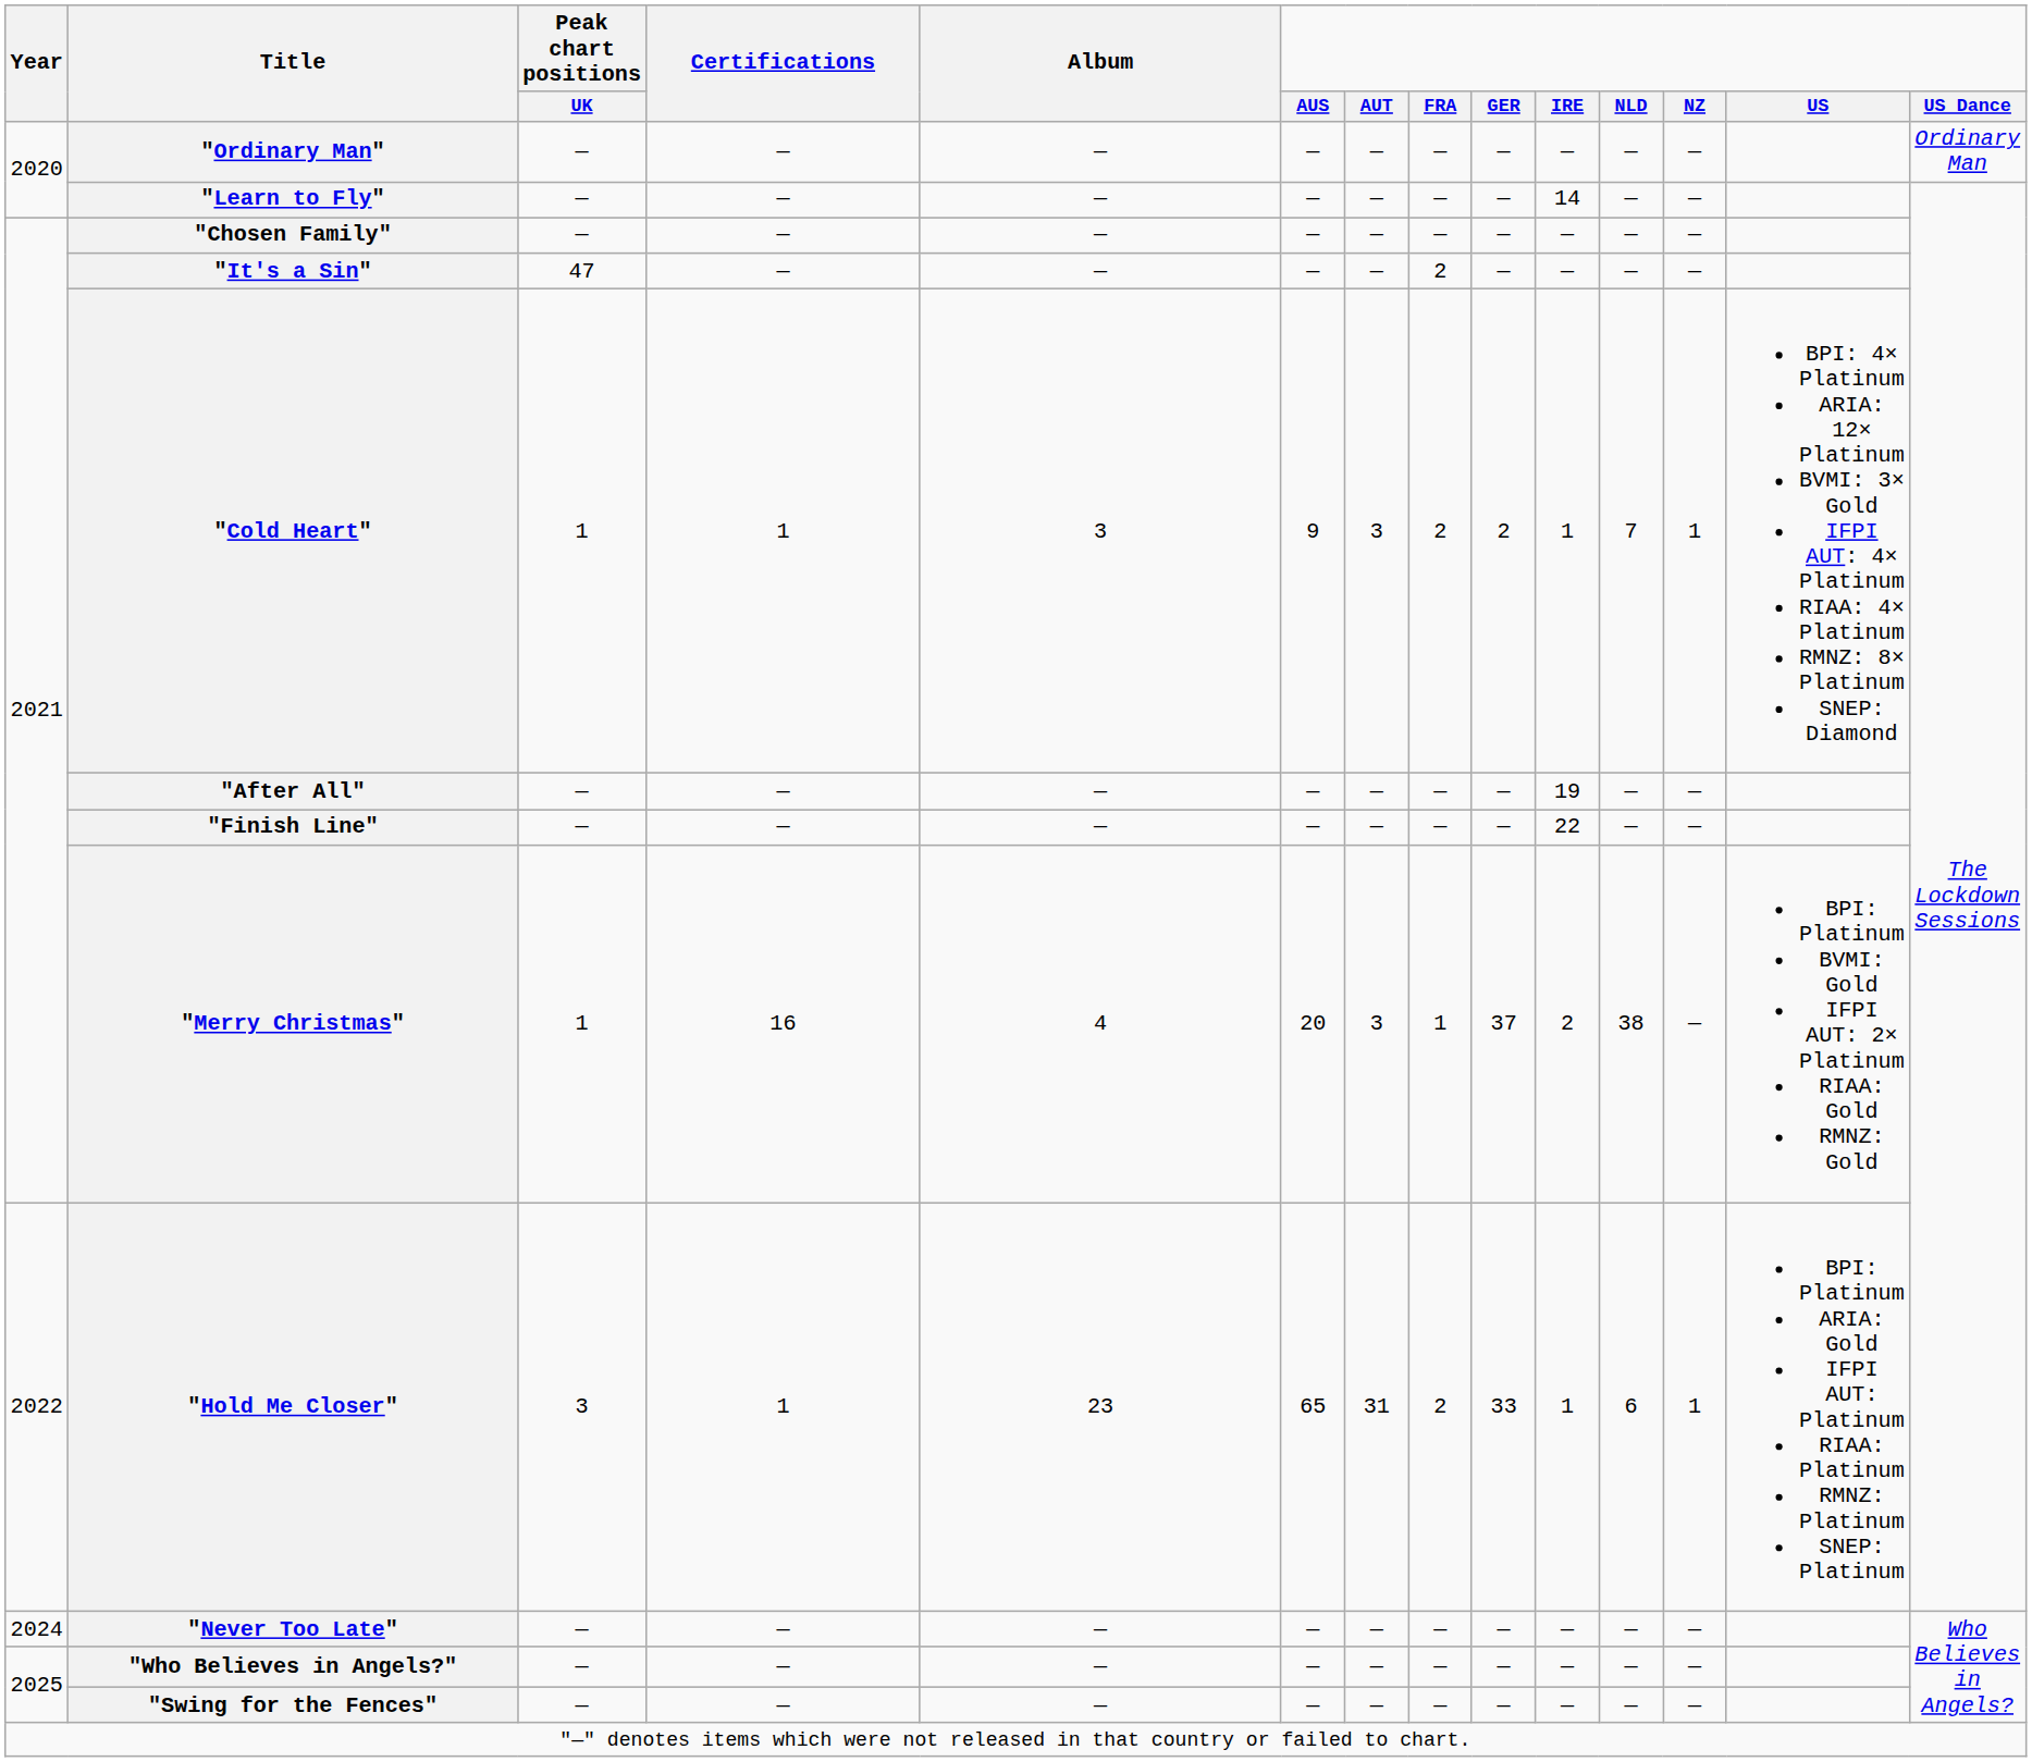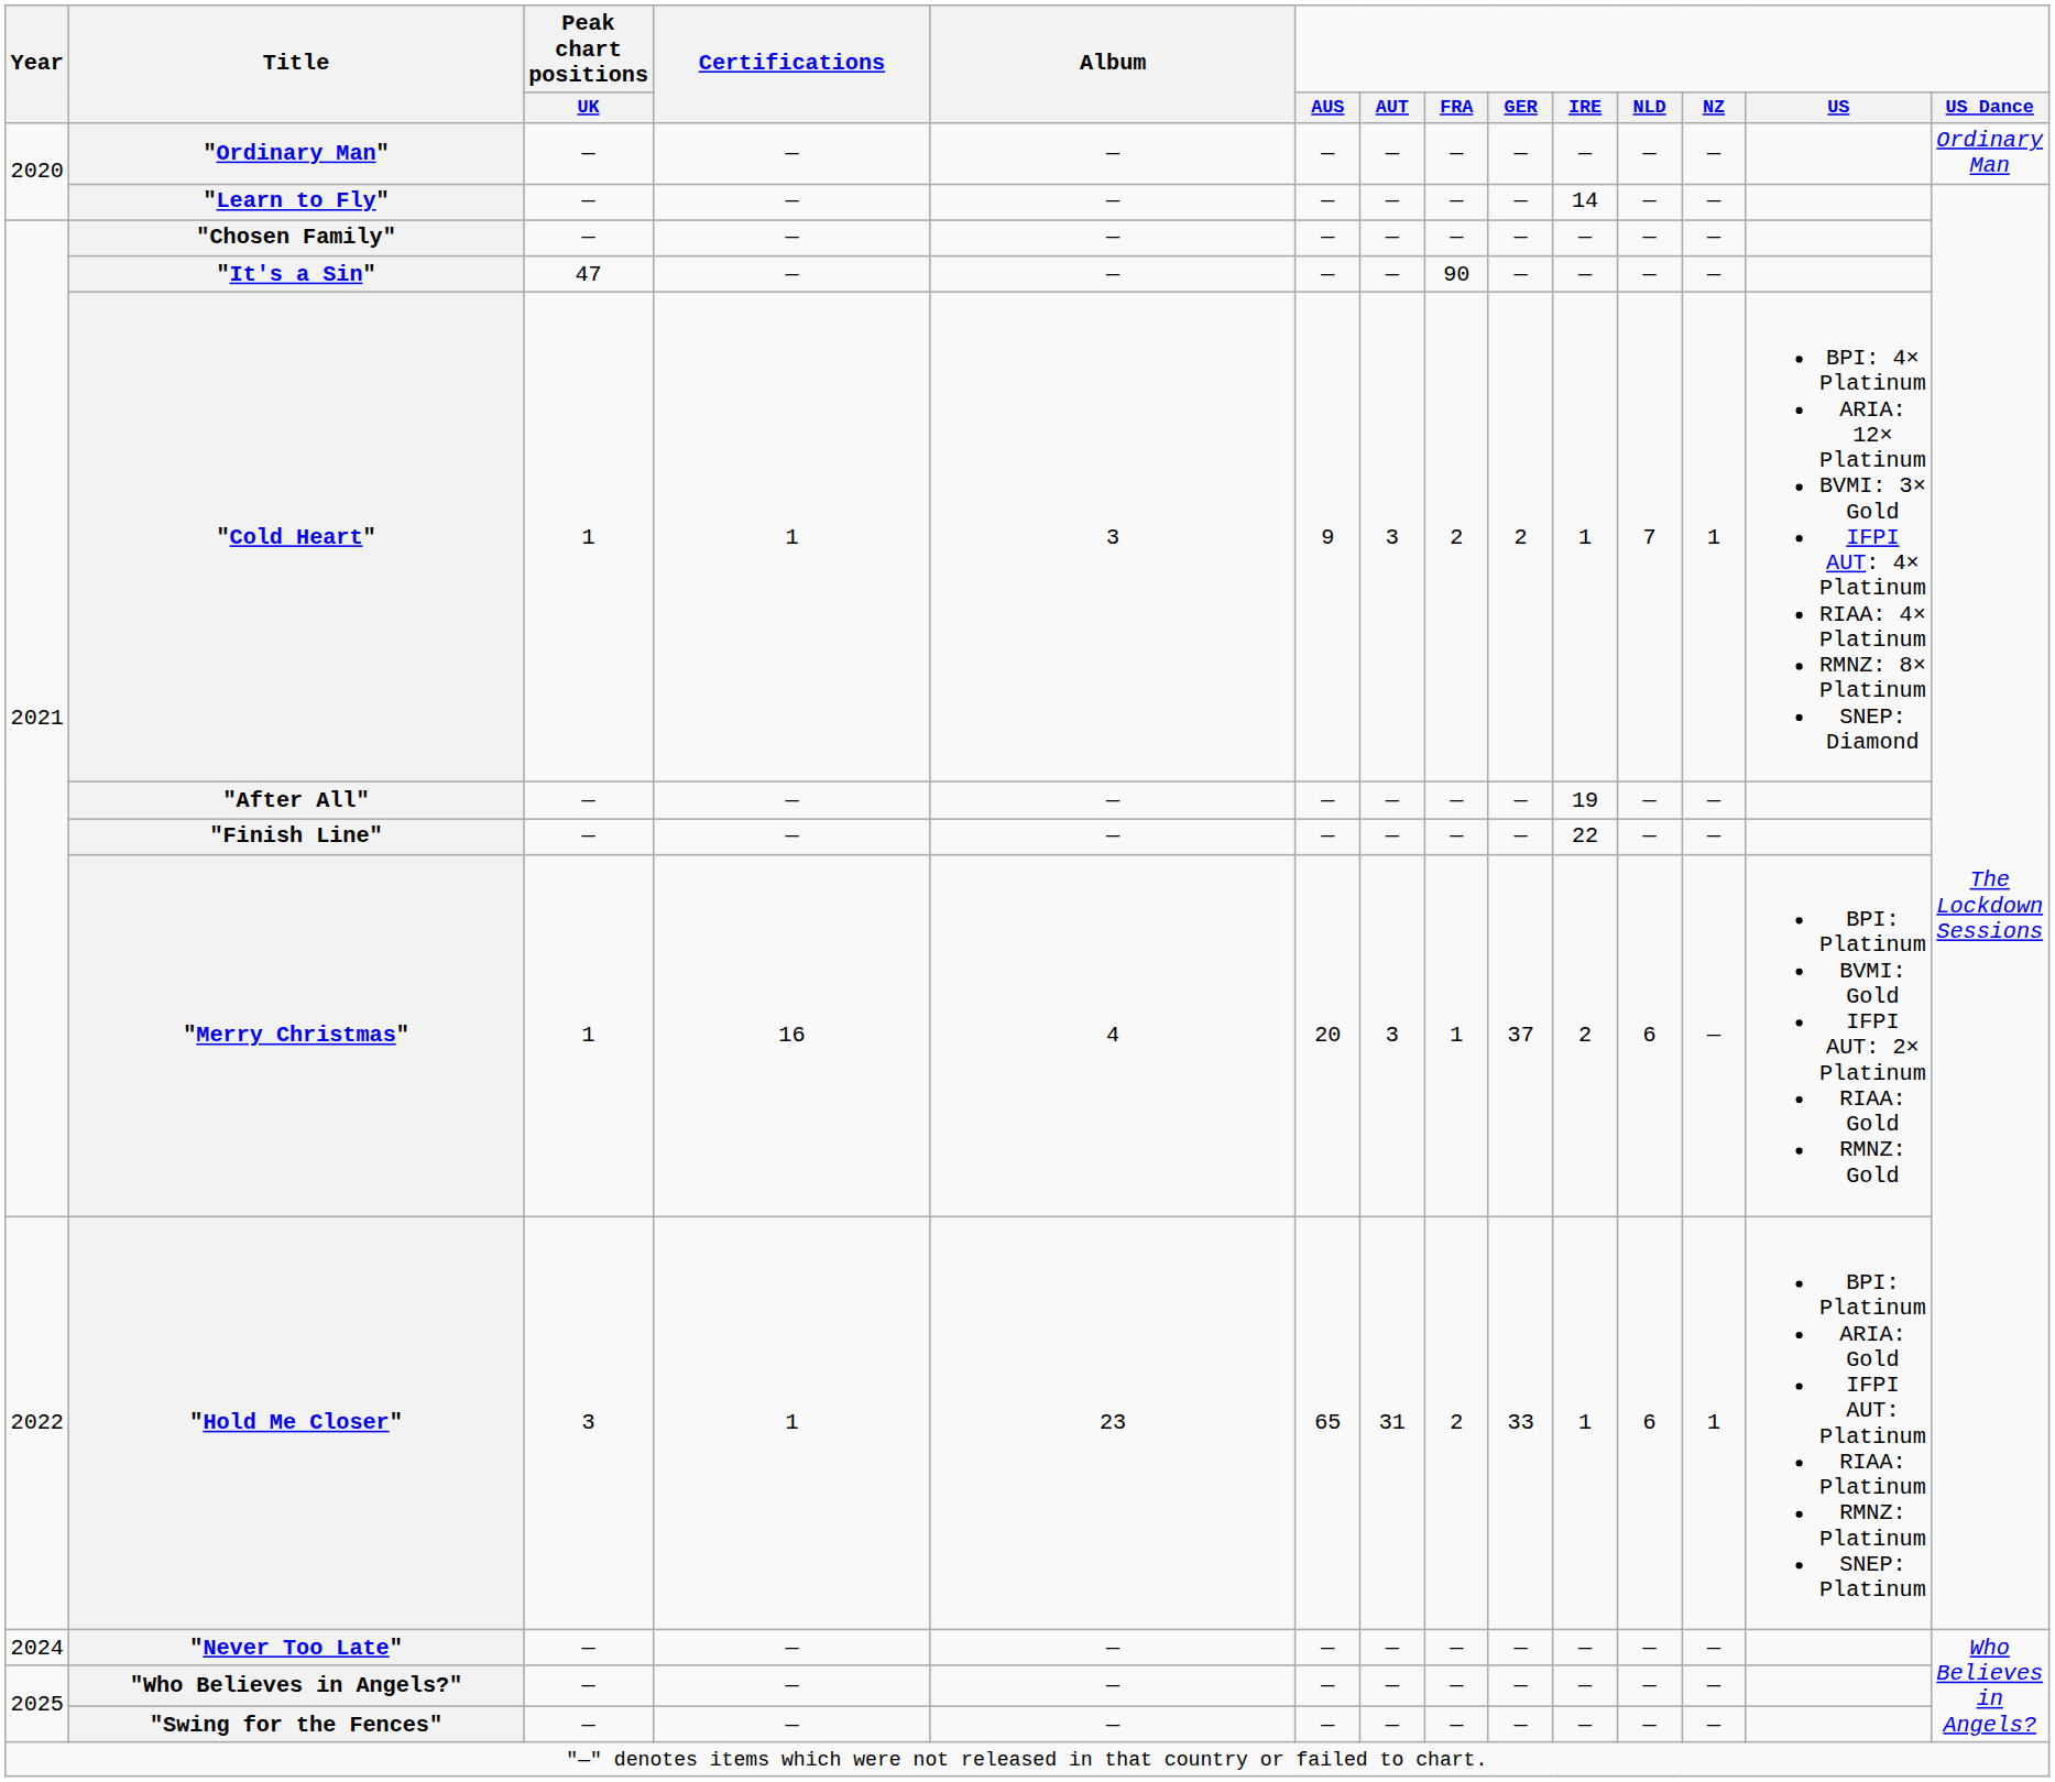 <table class="wikitable plainrowheaders" style="text-align:center;">
 <tr>
 <th scope="col" rowspan="2" style="width:1em;">Year</th>
 <th scope="col" rowspan="2" style="width:20em;">Title</th>
 <th scope="col" colspan="1">Peak chart positions</th>
 <th scope="col" rowspan="2" style="width:12em;"><a href='#'>Certifications</a></th>
 <th scope="col" rowspan="2" style="width:16em;">Album</th>
 </tr>
 <tr style="font-size:small;">
 <th scope="col" style="width:3em;font-size:90%"><a href='#'>UK</a><br></th>
 <th scope="col" style="width:3em;font-size:90%"><a href='#'>AUS</a><br></th>
 <th scope="col" style="width:3em;font-size:90%"><a href='#'>AUT</a><br></th>
 <th scope="col" style="width:3em;font-size:90%"><a href='#'>FRA</a><br></th>
 <th scope="col" style="width:3em;font-size:90%"><a href='#'>GER</a><br></th>
 <th scope="col" style="width:3em;font-size:90%"><a href='#'>IRE</a><br></th>
 <th scope="col" style="width:3em;font-size:90%"><a href='#'>NLD</a><br></th>
 <th scope="col" style="width:3em;font-size:90%"><a href='#'>NZ</a><br></th>
 <th scope="col" style="width:3em;font-size:90%"><a href='#'>US</a><br></th>
 <th scope="col" style="width:3em;font-size:90%"><a href='#'>US Dance</a><br></th>
 </tr>
 <tr>
 <td rowspan="2">2020</td>
 <th scope="row">"<a href='#'>Ordinary Man</a>"<br> </th>
 <td>—</td>
 <td>—</td>
 <td>—</td>
 <td>—</td>
 <td>—</td>
 <td>—</td>
 <td>—</td>
 <td>—</td>
 <td>—</td>
 <td>—</td>
 <td></td>
 <td><em><a href='#'>Ordinary Man</a></em></td>
 </tr>
 <tr>
 <th scope="row">"<a href='#'>Learn to Fly</a>"<br></th>
 <td>—</td>
 <td>—</td>
 <td>—</td>
 <td>—</td>
 <td>—</td>
 <td>—</td>
 <td>—</td>
 <td>14</td>
 <td>—</td>
 <td>—</td>
 <td></td>
 <td rowspan="8"><em><a href='#'>The Lockdown Sessions</a></em></td>
 </tr>
 <tr>
 <td rowspan="6">2021</td>
 <th scope="row">"Chosen Family"<br></th>
 <td>—</td>
 <td>—</td>
 <td>—</td>
 <td>—</td>
 <td>—</td>
 <td>—</td>
 <td>—</td>
 <td>—</td>
 <td>—</td>
 <td>—</td>
 <td></td>
 </tr>
 <tr>
 <th scope="row">"<a href='#'>It's a Sin</a>"<br></th>
 <td>47</td>
 <td>—</td>
 <td>—</td>
 <td>—</td>
 <td>—</td>
-<td>2</td>
+<td>90</td>
 <td>—</td>
 <td>—</td>
 <td>—</td>
 <td>—</td>
 <td></td>
 </tr>
 <tr>
 <th scope="row">"<a href='#'>Cold Heart</a>"<br></th>
 <td>1</td>
 <td>1</td>
 <td>3</td>
 <td>9</td>
 <td>3</td>
 <td>2</td>
 <td>2</td>
 <td>1</td>
 <td>7</td>
 <td>1</td>
 <td><br><ul><li>BPI: 4× Platinum</li><li>ARIA: 12× Platinum</li><li>BVMI: 3× Gold</li><li><a href='#'>IFPI AUT</a>: 4× Platinum</li><li>RIAA: 4× Platinum</li><li>RMNZ: 8× Platinum</li><li>SNEP: Diamond</li></ul></td>
 </tr>
 <tr>
 <th scope="row">"After All"<br></th>
 <td>—</td>
 <td>—</td>
 <td>—</td>
 <td>—</td>
 <td>—</td>
 <td>—</td>
 <td>—</td>
 <td>19</td>
 <td>—</td>
 <td>—</td>
 <td></td>
 </tr>
 <tr>
 <th scope="row">"Finish Line"<br></th>
 <td>—</td>
 <td>—</td>
 <td>—</td>
 <td>—</td>
 <td>—</td>
 <td>—</td>
 <td>—</td>
 <td>22</td>
 <td>—</td>
 <td>—</td>
 <td></td>
 </tr>
 <tr>
 <th scope="row">"<a href='#'>Merry Christmas</a>"<br></th>
 <td>1</td>
 <td>16</td>
 <td>4</td>
 <td>20</td>
 <td>3</td>
 <td>1</td>
 <td>37</td>
 <td>2</td>
-<td>38</td>
+<td>6</td>
 <td>—</td>
 <td><br><ul><li>BPI: Platinum</li><li>BVMI: Gold</li><li>IFPI AUT: 2× Platinum</li><li>RIAA: Gold</li><li>RMNZ: Gold</li></ul></td>
 </tr>
 <tr>
 <td>2022</td>
 <th scope="row">"<a href='#'>Hold Me Closer</a>"<br> </th>
 <td>3</td>
 <td>1</td>
 <td>23</td>
 <td>65</td>
 <td>31</td>
 <td>2</td>
 <td>33</td>
 <td>1</td>
 <td>6</td>
 <td>1</td>
 <td><br><ul><li>BPI: Platinum</li><li>ARIA: Gold</li><li>IFPI AUT: Platinum</li><li>RIAA: Platinum</li><li>RMNZ: Platinum</li><li>SNEP: Platinum</li></ul></td>
 </tr>
 <tr>
 <td>2024</td>
 <th scope="row">"<a href='#'>Never Too Late</a>"<br> </th>
 <td>—</td>
 <td>—</td>
 <td>—</td>
 <td>—</td>
 <td>—</td>
 <td>—</td>
 <td>—</td>
 <td>—</td>
 <td>—</td>
 <td>—</td>
 <td></td>
 <td rowspan="3"><em><a href='#'>Who Believes in Angels?</a></em></td>
 </tr>
 <tr>
 <td rowspan="2">2025</td>
 <th scope="row">"Who Believes in Angels?"<br> </th>
 <td>—</td>
 <td>—</td>
 <td>—</td>
 <td>—</td>
 <td>—</td>
 <td>—</td>
 <td>—</td>
 <td>—</td>
 <td>—</td>
 <td>—</td>
 <td></td>
 </tr>
 <tr>
 <th scope="row">"Swing for the Fences"<br> </th>
 <td>—</td>
 <td>—</td>
 <td>—</td>
 <td>—</td>
 <td>—</td>
 <td>—</td>
 <td>—</td>
 <td>—</td>
 <td>—</td>
 <td>—</td>
 <td></td>
 </tr>
 <tr>
 <td colspan="16" style="font-size:90%;">"—" denotes items which were not released in that country or failed to chart.</td>
 </tr>
 </table>
